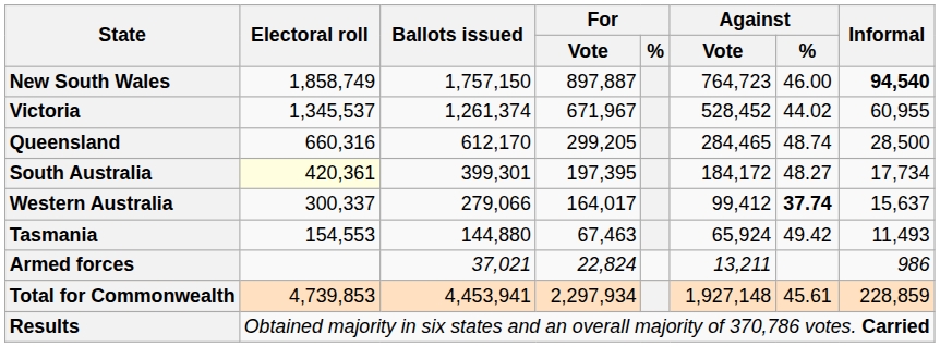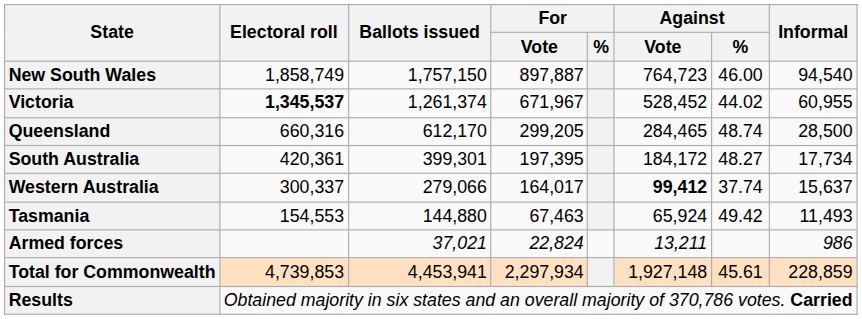 <table class="wikitable">
 <tr align=center>
 <th rowspan="2">State</th>
 <th rowspan="2">Electoral roll</th>
 <th rowspan="2">Ballots issued</th>
 <th align=center colspan="2">For</th>
 <th align=center colspan="2">Against</th>
 <th align=center rowspan="2">Informal</th>
 </tr>
 <tr>
 <th align=center>Vote</th>
 <th align=center>%</th>
 <th align=center>Vote</th>
 <th align=center>%</th>
 </tr>
 <tr align="right">
 <th style="text-align:left;">New South Wales</th>
 <td>1,858,749</td>
 <td>1,757,150</td>
 <td>897,887</td>
 <th></th>
 <td>764,723</td>
 <td align="center">46.00</td>
-<td><strong>94,540</strong></td>
+<td>94,540</td>
 </tr>
 <tr align="right">
 <th style="text-align:left;">Victoria</th>
-<td>1,345,537</td>
+<td><strong>1,345,537</strong></td>
 <td>1,261,374</td>
 <td>671,967</td>
 <th></th>
 <td>528,452</td>
 <td align="center">44.02</td>
 <td>60,955</td>
 </tr>
 <tr align="right">
 <th style="text-align:left;">Queensland</th>
 <td>660,316</td>
 <td>612,170</td>
 <td>299,205</td>
 <th></th>
 <td>284,465</td>
 <td align="center">48.74</td>
 <td>28,500</td>
 </tr>
 <tr align="right">
 <th style="text-align:left;">South Australia</th>
-<td style="background: lightyellow;">420,361</td>
+<td>420,361</td>
 <td>399,301</td>
 <td>197,395</td>
 <th></th>
 <td>184,172</td>
 <td align="center">48.27</td>
 <td>17,734</td>
 </tr>
 <tr align="right">
 <th style="text-align:left;">Western Australia</th>
 <td>300,337</td>
 <td>279,066</td>
 <td>164,017</td>
 <th></th>
-<td>99,412</td>
-<td align="center"><strong>37.74</strong></td>
+<td><strong>99,412</strong></td>
+<td align="center">37.74</td>
 <td>15,637</td>
 </tr>
 <tr align="right">
 <th style="text-align:left;">Tasmania</th>
 <td>154,553</td>
 <td>144,880</td>
 <td>67,463</td>
 <th></th>
 <td>65,924</td>
 <td align="center">49.42</td>
 <td>11,493</td>
 </tr>
 <tr align="right">
 <th style="text-align:left;">Armed forces</th>
 <td> </td>
 <td><em>37,021</em></td>
 <td><em>22,824</em></td>
 <td> </td>
 <td><em>13,211</em></td>
 <td> </td>
 <td><em>986</em></td>
 </tr>
 <tr bgcolor="#FFE0C0" align="right">
 <th style="text-align:left">Total for Commonwealth</th>
 <td>4,739,853</td>
 <td>4,453,941</td>
 <td>2,297,934</td>
 <th></th>
 <td>1,927,148</td>
 <td align="center">45.61</td>
 <td>228,859</td>
 </tr>
 <tr>
 <th style="text-align:left;">Results</th>
 <td colSpan="8"><em>Obtained majority in six states and an overall majority of 370,786 votes.</em> <strong>Carried</strong></td>
 </tr>
 </table>
